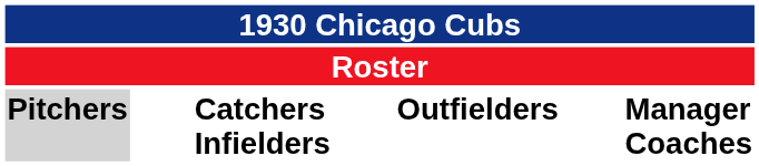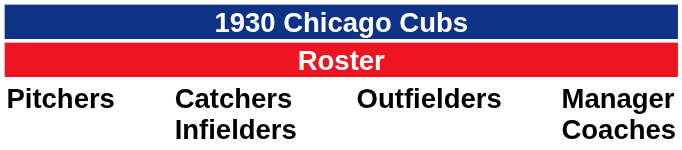 <table class="toccolours" style="font-size: 95%;">
 <tr>
 <th colspan="10" style="background-color: #0e3386; color: white; text-align: center;">1930 Chicago Cubs</th>
 </tr>
 <tr>
 <td colspan="10" style="background-color: #EE1422; color: white; text-align: center;"><strong>Roster</strong></td>
 </tr>
 <tr>
-<td valign="top" style="background: lightgrey;"><strong>Pitchers</strong><br>            </td>
+<td valign="top"><strong>Pitchers</strong><br>            </td>
 <td width="25px"></td>
 <td valign="top"><strong>Catchers</strong><br>  <strong>Infielders</strong>         </td>
 <td width="25px"></td>
 <td valign="top"><strong>Outfielders</strong><br>    </td>
 <td width="25px"></td>
 <td valign="top"><strong>Manager</strong><br>  <strong>Coaches</strong>   </td>
 </tr>
 </table>
